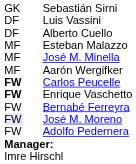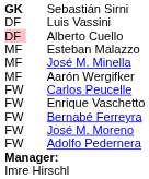 <table style="font-size:90%; margin:0.2em auto;" cellspacing="0" cellpadding="0">
 <tr>
 <th width="25"></th>
 <th width="25"></th>
 </tr>
 <tr>
-<td>GK</td>
+<td><strong>GK</strong></td>
 <td></td>
 <td> Sebastián Sirni</td>
 </tr>
 <tr>
 <td>DF</td>
 <td></td>
 <td> Luis Vassini</td>
 </tr>
 <tr>
-<td>DF</td>
+<td style="background: pink;">DF</td>
 <td></td>
 <td> Alberto Cuello</td>
 </tr>
 <tr>
 <td>MF</td>
 <td></td>
 <td> Esteban Malazzo</td>
 </tr>
 <tr>
 <td>MF</td>
 <td></td>
 <td> <a href='#'>José M. Minella</a></td>
 </tr>
 <tr>
 <td>MF</td>
 <td></td>
 <td> Aarón Wergifker</td>
 </tr>
 <tr>
-<td><strong>FW</strong></td>
+<td>FW</td>
 <td></td>
 <td> <a href='#'>Carlos Peucelle</a></td>
 </tr>
 <tr>
-<td><strong>FW</strong></td>
+<td>FW</td>
 <td></td>
 <td> Enrique Vaschetto</td>
 </tr>
 <tr>
 <td>FW</td>
 <td></td>
 <td> <a href='#'>Bernabé Ferreyra</a></td>
 </tr>
 <tr>
-<td style="background: lavender;">FW</td>
+<td>FW</td>
 <td></td>
 <td> <a href='#'>José M. Moreno</a></td>
 </tr>
 <tr>
 <td>FW</td>
 <td></td>
 <td> <a href='#'>Adolfo Pedernera</a></td>
 </tr>
 <tr>
 <td colspan=3><strong>Manager:</strong></td>
 </tr>
 <tr>
 <td colspan=4> Imre Hirschl</td>
 </tr>
 </table>
